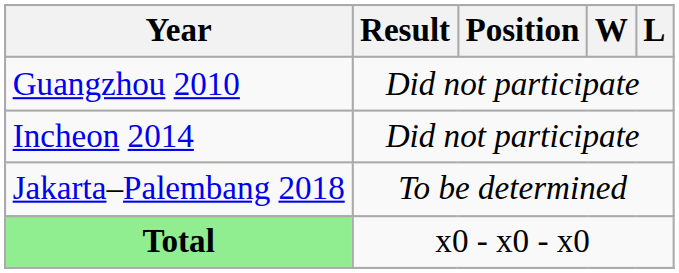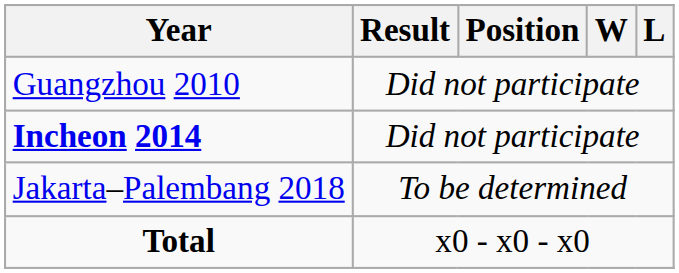 <table class="wikitable" style="text-align: left;">
 <tr>
 <th>Year</th>
 <th>Result</th>
 <th>Position</th>
 <th>W</th>
 <th>L</th>
 </tr>
 <tr>
 <td> <a href='#'>Guangzhou</a> <a href='#'>2010</a></td>
 <td colspan="4" align="center"><em>Did not participate</em></td>
 </tr>
 <tr>
-<td> <a href='#'>Incheon</a> <a href='#'>2014</a></td>
+<td><strong> <a href='#'>Incheon</a> <a href='#'>2014</a></strong></td>
 <td colspan="4" align="center"><em>Did not participate</em></td>
 </tr>
 <tr>
 <td> <a href='#'>Jakarta</a>–<a href='#'>Palembang</a> <a href='#'>2018</a></td>
 <td colspan="4" align="center"><em>To be determined</em></td>
 </tr>
 <tr>
-<td align=center style="background: lightgreen;"><strong>Total</strong></td>
+<td align=center><strong>Total</strong></td>
 <td colspan="4" align="center">x0 - x0 - x0</td>
 </tr>
 </table>
